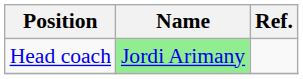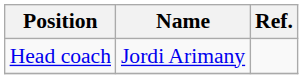 <table class="wikitable">
 <tr>
 <th>Position</th>
 <th>Name</th>
 <th>Ref.</th>
 </tr>
 <tr>
 <td><a href='#'>Head coach</a></td>
-<td style="background: lightgreen;"> <a href='#'>Jordi Arimany</a></td>
+<td> <a href='#'>Jordi Arimany</a></td>
 <td></td>
 </tr>
 <tr>
 </tr>
 </table>
